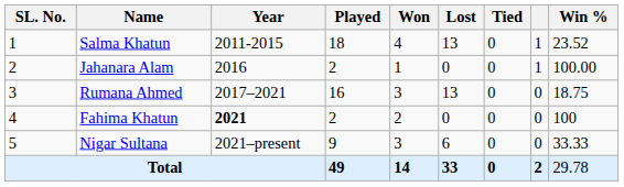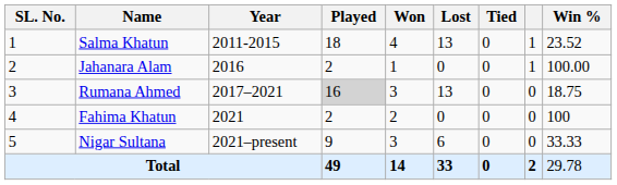 <table class="wikitable sortable" style="width:70%;">
 <tr>
 <th>SL. No.</th>
 <th>Name</th>
 <th>Year</th>
 <th>Played</th>
 <th>Won</th>
 <th>Lost</th>
 <th>Tied</th>
 <th></th>
 <th>Win %</th>
 </tr>
 <tr>
 <td>1</td>
 <td><a href='#'>Salma Khatun</a></td>
 <td>2011-2015</td>
 <td>18</td>
 <td>4</td>
 <td>13</td>
 <td>0</td>
 <td>1</td>
 <td>23.52</td>
 </tr>
 <tr>
 <td>2</td>
 <td><a href='#'>Jahanara Alam</a></td>
 <td>2016</td>
 <td>2</td>
 <td>1</td>
 <td>0</td>
 <td>0</td>
 <td>1</td>
 <td>100.00</td>
 </tr>
 <tr>
 <td>3</td>
 <td><a href='#'>Rumana Ahmed</a></td>
 <td>2017–2021</td>
-<td>16</td>
+<td style="background: lightgrey;">16</td>
 <td>3</td>
 <td>13</td>
 <td>0</td>
 <td>0</td>
 <td>18.75</td>
 </tr>
 <tr>
 <td>4</td>
 <td><a href='#'>Fahima Khatun</a></td>
-<td><strong>2021</strong></td>
+<td>2021</td>
 <td>2</td>
 <td>2</td>
 <td>0</td>
 <td>0</td>
 <td>0</td>
 <td>100</td>
 </tr>
 <tr>
 <td>5</td>
 <td><a href='#'>Nigar Sultana</a></td>
 <td>2021–present</td>
 <td>9</td>
 <td>3</td>
 <td>6</td>
 <td>0</td>
 <td>0</td>
 <td>33.33</td>
 </tr>
 <tr style="background:#def;">
 <td colspan=3 align=center><strong>Total</strong></td>
 <td><strong>49</strong></td>
 <td><strong>14</strong></td>
 <td><strong>33</strong></td>
 <td><strong>0</strong></td>
 <td><strong>2</strong></td>
 <td>29.78</td>
 </tr>
 </table>
